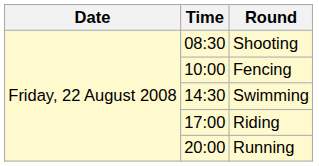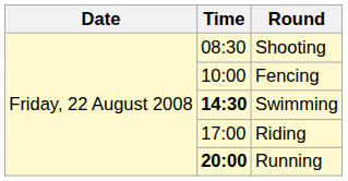 <table class="wikitable">
 <tr>
 <th>Date</th>
 <th>Time</th>
 <th>Round</th>
 </tr>
 <tr style="background:lemonchiffon">
 <td rowspan=5>Friday, 22 August 2008</td>
 <td>08:30</td>
 <td>Shooting</td>
 </tr>
 <tr style="background:lemonchiffon">
 <td>10:00</td>
 <td>Fencing</td>
 </tr>
 <tr style="background:lemonchiffon">
-<td>14:30</td>
+<td><strong>14:30</strong></td>
 <td>Swimming</td>
 </tr>
 <tr style="background:lemonchiffon">
 <td>17:00</td>
 <td>Riding</td>
 </tr>
 <tr style="background:lemonchiffon">
-<td>20:00</td>
+<td><strong>20:00</strong></td>
 <td>Running</td>
 </tr>
 </table>
